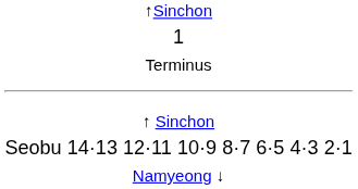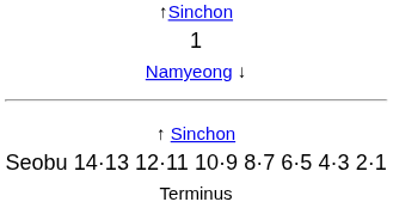 <table style="text-align:center;">
 <tr>
 <td><small>↑<a href='#'>Sinchon</a></small></td>
 </tr>
 <tr>
 <td>      <span>1</span> </td>
 </tr>
 <tr>
-<td><small>Terminus</small></td>
+<td><small><a href='#'>Namyeong</a> ↓</small></td>
 </tr>
 <tr>
 <td><hr></td>
 </tr>
 <tr>
 </tr>
 <tr>
 <td><small>↑ <a href='#'>Sinchon</a></small></td>
 </tr>
 <tr>
 <td><span>Seobu</span>   <span>14·13</span>   <span>12·11</span>   <span>10·9</span>   <span>8·7</span>   <span>6·5</span>   <span>4·3</span>   <span>2·1</span> </td>
 </tr>
 <tr>
-<td><small><a href='#'>Namyeong</a> ↓</small></td>
+<td><small>Terminus</small></td>
 </tr>
 </table>
